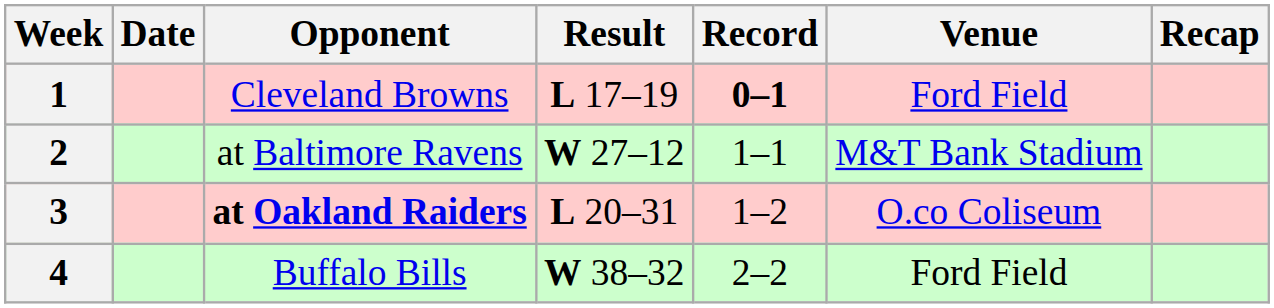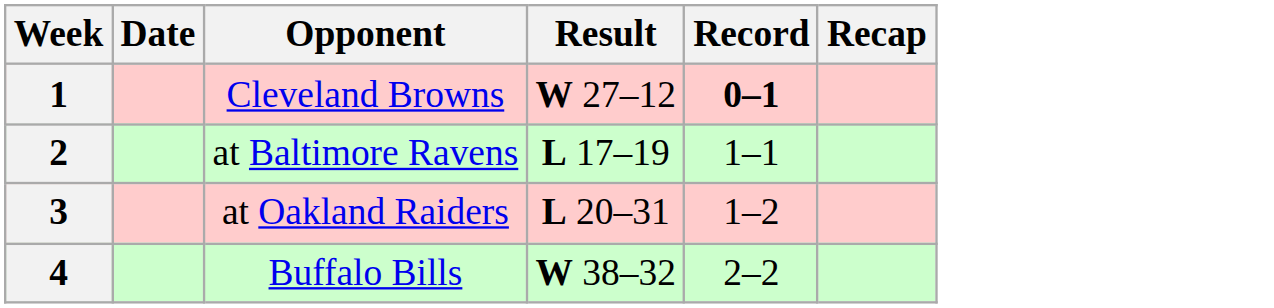 <table class="wikitable" style="text-align:center">
 <tr>
 <th>Week</th>
 <th>Date</th>
 <th>Opponent</th>
 <th>Result</th>
 <th>Record</th>
-<th>Venue</th>
 <th>Recap</th>
 </tr>
 <tr style="background:#fcc">
 <th>1</th>
 <td></td>
 <td><a href='#'>Cleveland Browns</a></td>
-<td><strong>L</strong> 17–19</td>
+<td><strong>W</strong> 27–12</td>
 <td><strong>0–1</strong></td>
-<td><a href='#'>Ford Field</a></td>
 <td></td>
 </tr>
 <tr style="background:#cfc">
 <th>2</th>
 <td></td>
 <td>at <a href='#'>Baltimore Ravens</a></td>
-<td><strong>W</strong> 27–12</td>
+<td><strong>L</strong> 17–19</td>
 <td>1–1</td>
-<td><a href='#'>M&T Bank Stadium</a></td>
 <td></td>
 </tr>
 <tr style="background:#fcc">
 <th>3</th>
 <td></td>
-<td><strong>at <a href='#'>Oakland Raiders</a></strong></td>
+<td>at <a href='#'>Oakland Raiders</a></td>
 <td><strong>L</strong> 20–31</td>
 <td>1–2</td>
-<td><a href='#'>O.co Coliseum</a></td>
 <td></td>
 </tr>
 <tr style="background:#cfc">
 <th>4</th>
 <td></td>
 <td><a href='#'>Buffalo Bills</a></td>
 <td><strong>W</strong> 38–32</td>
 <td>2–2</td>
-<td>Ford Field</td>
 <td></td>
 </tr>
 </table>
